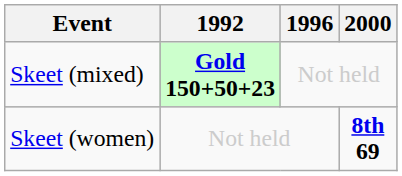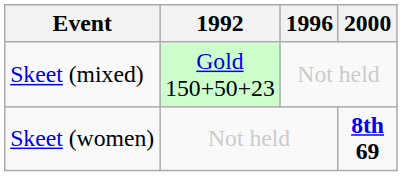 <table class="wikitable" style="text-align: center">
 <tr>
 <th>Event</th>
 <th>1992</th>
 <th>1996</th>
 <th>2000</th>
 </tr>
 <tr>
 <td align=left><a href='#'>Skeet</a> (mixed)</td>
-<td style="background: #ccffcc"><strong> <a href='#'>Gold</a><br>150+50+23</strong></td>
+<td style="background: #ccffcc"> <a href='#'>Gold</a><br>150+50+23</td>
 <td colspan=2 style="color: #cccccc">Not held</td>
 </tr>
 <tr>
 <td align=left><a href='#'>Skeet</a> (women)</td>
 <td colspan=2 style="color: #cccccc">Not held</td>
 <td><strong><a href='#'>8th</a><br>69</strong></td>
 </tr>
 </table>
